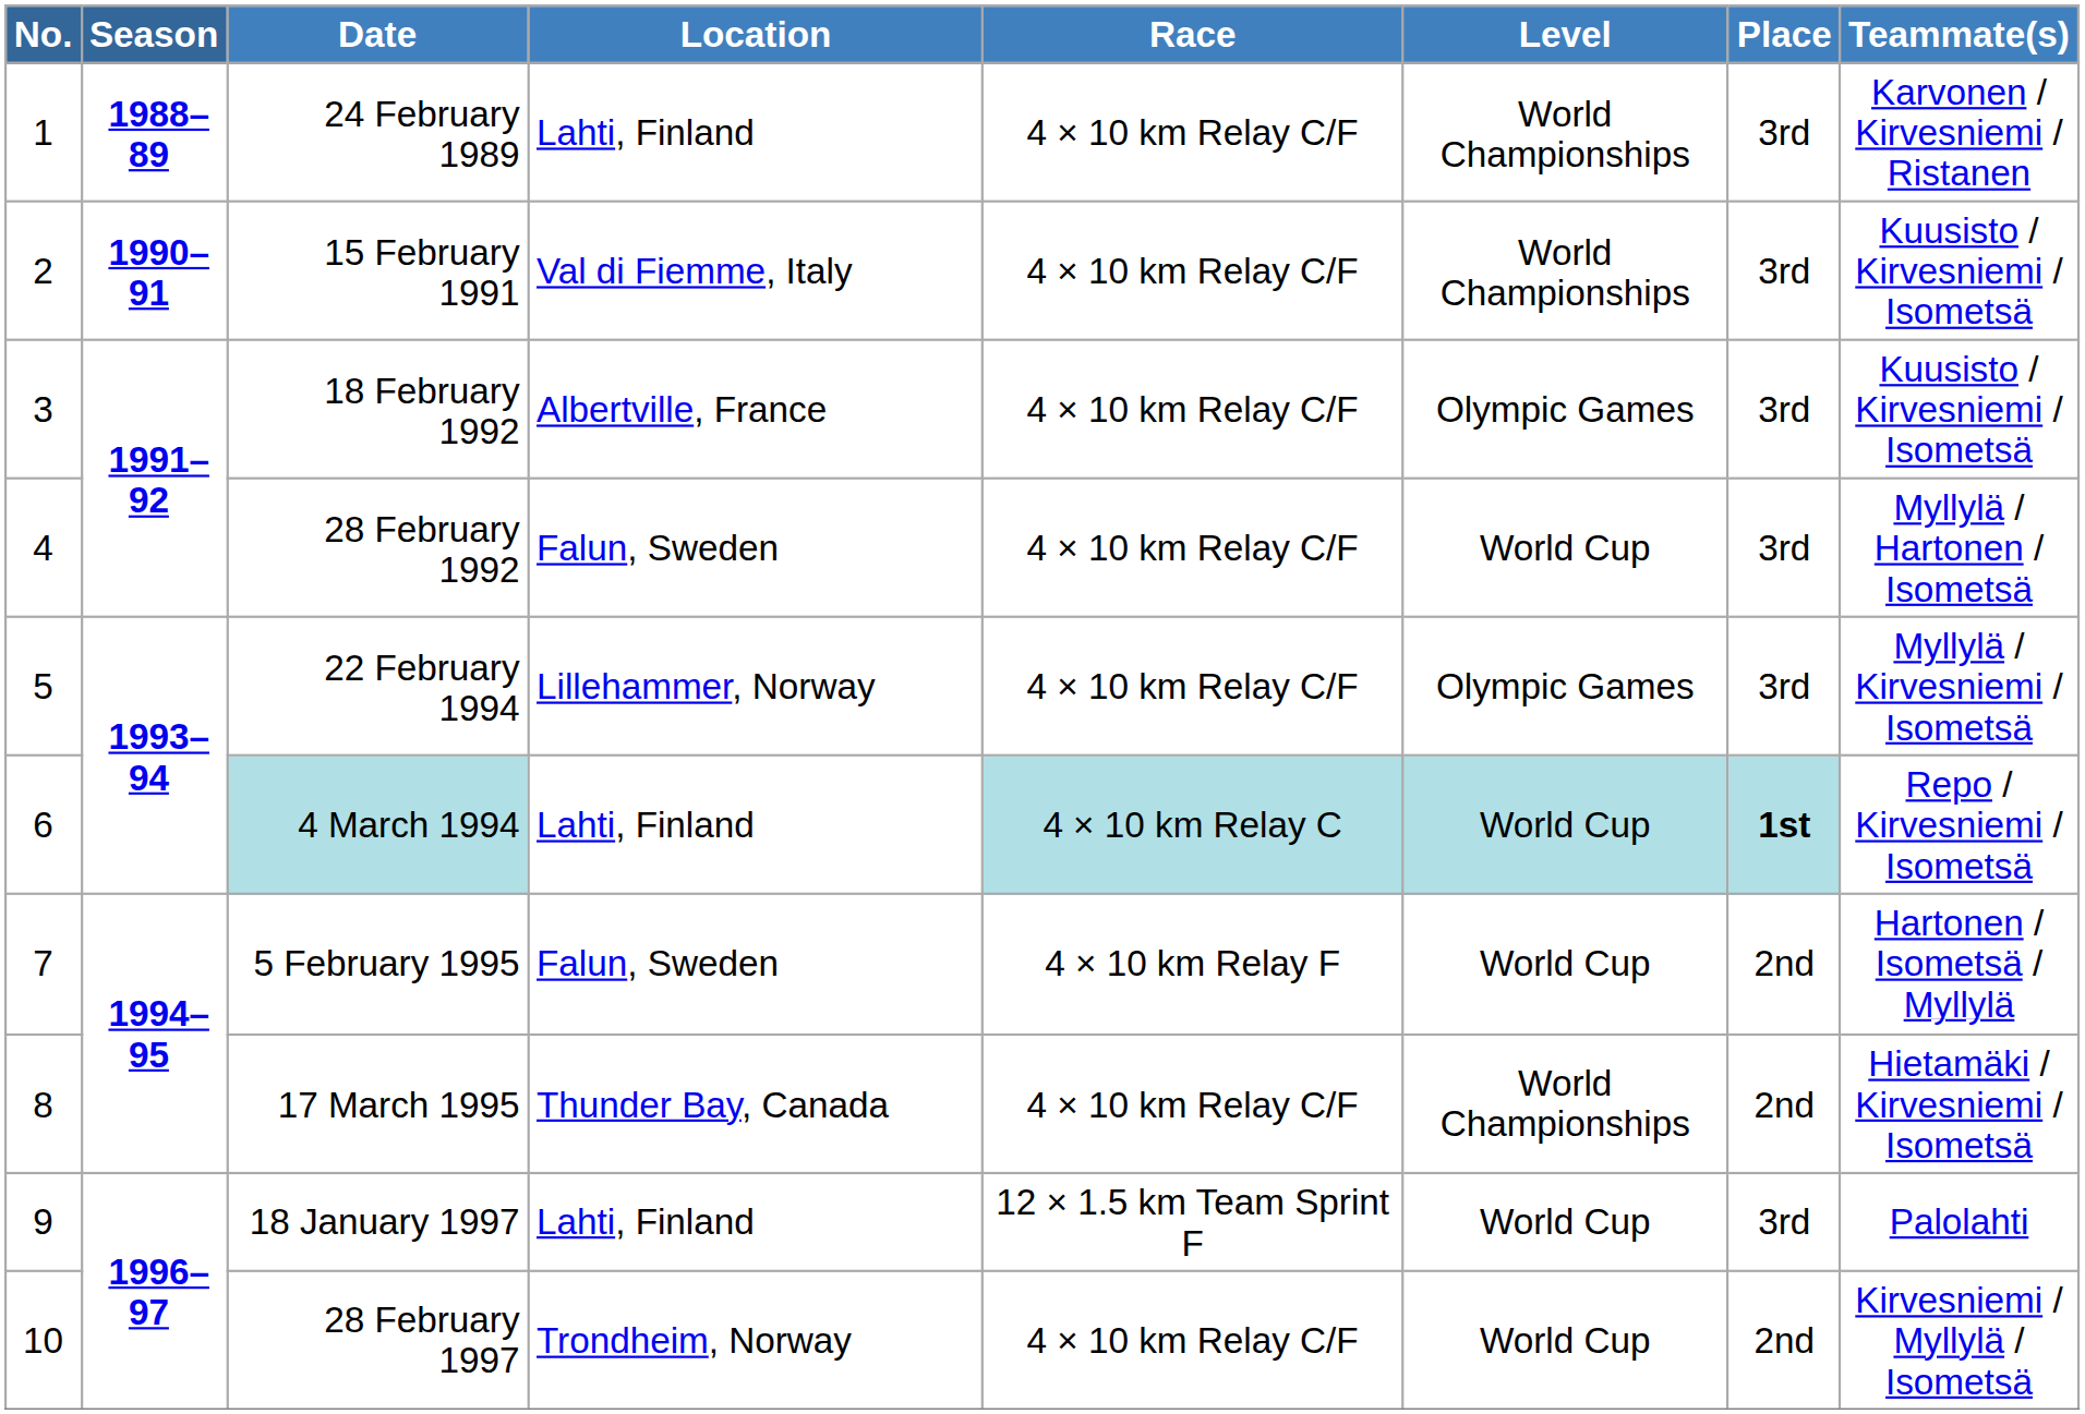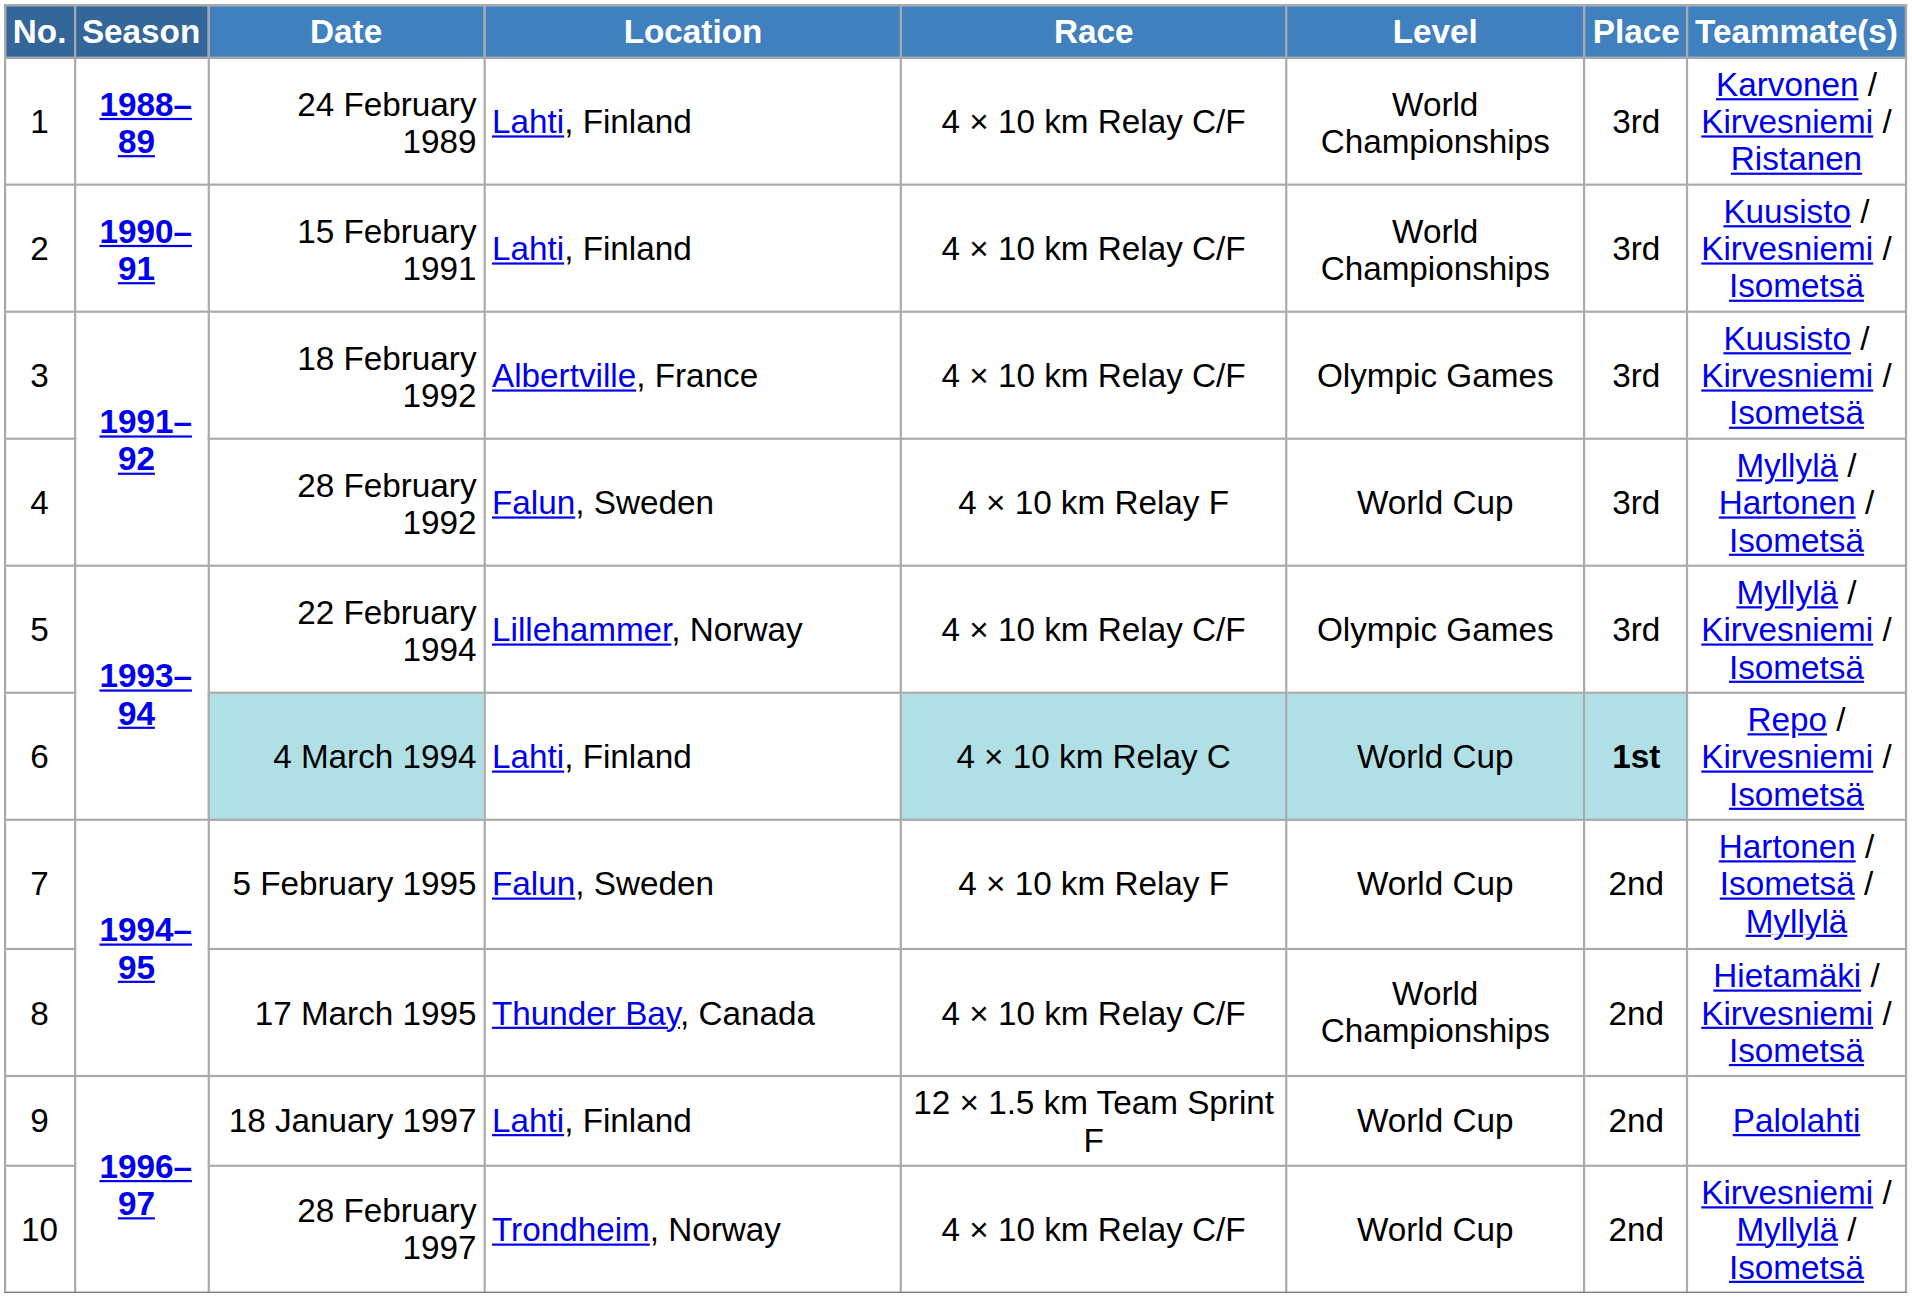 <table class="wikitable sortable" style="font-size:95%; text-align:center; border:grey solid 1px; border-collapse:collapse; background:#ffffff;">
 <tr style="background:#efefef;">
 <th style="background-color:#369; color:white;">No.</th>
 <th style="background-color:#369; color:white;">Season</th>
 <th style="background-color:#4180be; color:white; width:120px;">Date</th>
 <th style="background-color:#4180be; color:white; width:185px;">Location</th>
 <th style="background-color:#4180be; color:white; width:170px;">Race</th>
 <th style="background-color:#4180be; color:white; width:130px;">Level</th>
 <th style="background-color:#4180be; color:white;">Place</th>
 <th style="background-color:#4180be; color:white;">Teammate(s)</th>
 </tr>
 <tr>
 <td align=center>1</td>
 <td rowspan=1 align=center><strong> <a href='#'>1988–89</a> </strong></td>
 <td align=right>24 February 1989</td>
 <td align=left> <a href='#'>Lahti</a>, Finland</td>
 <td>4 × 10 km Relay C/F</td>
 <td>World Championships</td>
 <td>3rd</td>
 <td><a href='#'>Karvonen</a> / <a href='#'>Kirvesniemi</a> / <a href='#'>Ristanen</a></td>
 </tr>
 <tr>
 <td align=center>2</td>
 <td rowspan=1 align=center><strong> <a href='#'>1990–91</a> </strong></td>
 <td align=right>15 February 1991</td>
-<td align=left> <a href='#'>Val di Fiemme</a>, Italy</td>
+<td align=left> <a href='#'>Lahti</a>, Finland</td>
 <td>4 × 10 km Relay C/F</td>
 <td>World Championships</td>
 <td>3rd</td>
 <td><a href='#'>Kuusisto</a> / <a href='#'>Kirvesniemi</a> / <a href='#'>Isometsä</a></td>
 </tr>
 <tr>
 <td align=center>3</td>
 <td rowspan=2 align=center><strong> <a href='#'>1991–92</a> </strong></td>
 <td align=right>18 February 1992</td>
 <td align=left> <a href='#'>Albertville</a>, France</td>
 <td>4 × 10 km Relay C/F</td>
 <td>Olympic Games</td>
 <td>3rd</td>
 <td><a href='#'>Kuusisto</a> / <a href='#'>Kirvesniemi</a> / <a href='#'>Isometsä</a></td>
 </tr>
 <tr>
 <td align=center>4</td>
 <td align=right>28 February 1992</td>
 <td align=left> <a href='#'>Falun</a>, Sweden</td>
-<td>4 × 10 km Relay C/F</td>
+<td>4 × 10 km Relay F</td>
 <td>World Cup</td>
 <td>3rd</td>
 <td><a href='#'>Myllylä</a> / <a href='#'>Hartonen</a> / <a href='#'>Isometsä</a></td>
 </tr>
 <tr>
 <td align=center>5</td>
 <td rowspan=2 align=center><strong> <a href='#'>1993–94</a> </strong></td>
 <td align=right>22 February 1994</td>
 <td align=left> <a href='#'>Lillehammer</a>, Norway</td>
 <td>4 × 10 km Relay C/F</td>
 <td>Olympic Games</td>
 <td>3rd</td>
 <td><a href='#'>Myllylä</a> / <a href='#'>Kirvesniemi</a> / <a href='#'>Isometsä</a></td>
 </tr>
 <tr>
 <td align=center>6</td>
 <td bgcolor="#BOEOE6" align=right>4 March 1994</td>
 <td align=left> <a href='#'>Lahti</a>, Finland</td>
 <td bgcolor="#BOEOE6">4 × 10 km Relay C</td>
 <td bgcolor="#BOEOE6">World Cup</td>
 <td bgcolor="#BOEOE6"><strong>1st</strong></td>
 <td><a href='#'>Repo</a> / <a href='#'>Kirvesniemi</a> / <a href='#'>Isometsä</a></td>
 </tr>
 <tr>
 <td align=center>7</td>
 <td rowspan=2 align=center><strong> <a href='#'>1994–95</a> </strong></td>
 <td align=right>5 February 1995</td>
 <td align=left> <a href='#'>Falun</a>, Sweden</td>
 <td>4 × 10 km Relay F</td>
 <td>World Cup</td>
 <td>2nd</td>
 <td><a href='#'>Hartonen</a> / <a href='#'>Isometsä</a> / <a href='#'>Myllylä</a></td>
 </tr>
 <tr>
 <td align=center>8</td>
 <td align=right>17 March 1995</td>
 <td align=left> <a href='#'>Thunder Bay</a>, Canada</td>
 <td>4 × 10 km Relay C/F</td>
 <td>World Championships</td>
 <td>2nd</td>
 <td><a href='#'>Hietamäki</a> / <a href='#'>Kirvesniemi</a> / <a href='#'>Isometsä</a></td>
 </tr>
 <tr>
 <td align=center>9</td>
 <td rowspan=2 align=center><strong> <a href='#'>1996–97</a> </strong></td>
 <td align=right>18 January 1997</td>
 <td align=left> <a href='#'>Lahti</a>, Finland</td>
 <td>12 × 1.5 km Team Sprint F</td>
 <td>World Cup</td>
-<td>3rd</td>
+<td>2nd</td>
 <td><a href='#'>Palolahti</a></td>
 </tr>
 <tr>
 <td align=center>10</td>
 <td align=right>28 February 1997</td>
 <td align=left> <a href='#'>Trondheim</a>, Norway</td>
 <td>4 × 10 km Relay C/F</td>
 <td>World Cup</td>
 <td>2nd</td>
 <td><a href='#'>Kirvesniemi</a> / <a href='#'>Myllylä</a> / <a href='#'>Isometsä</a></td>
 </tr>
 <tr>
 </tr>
 </table>
